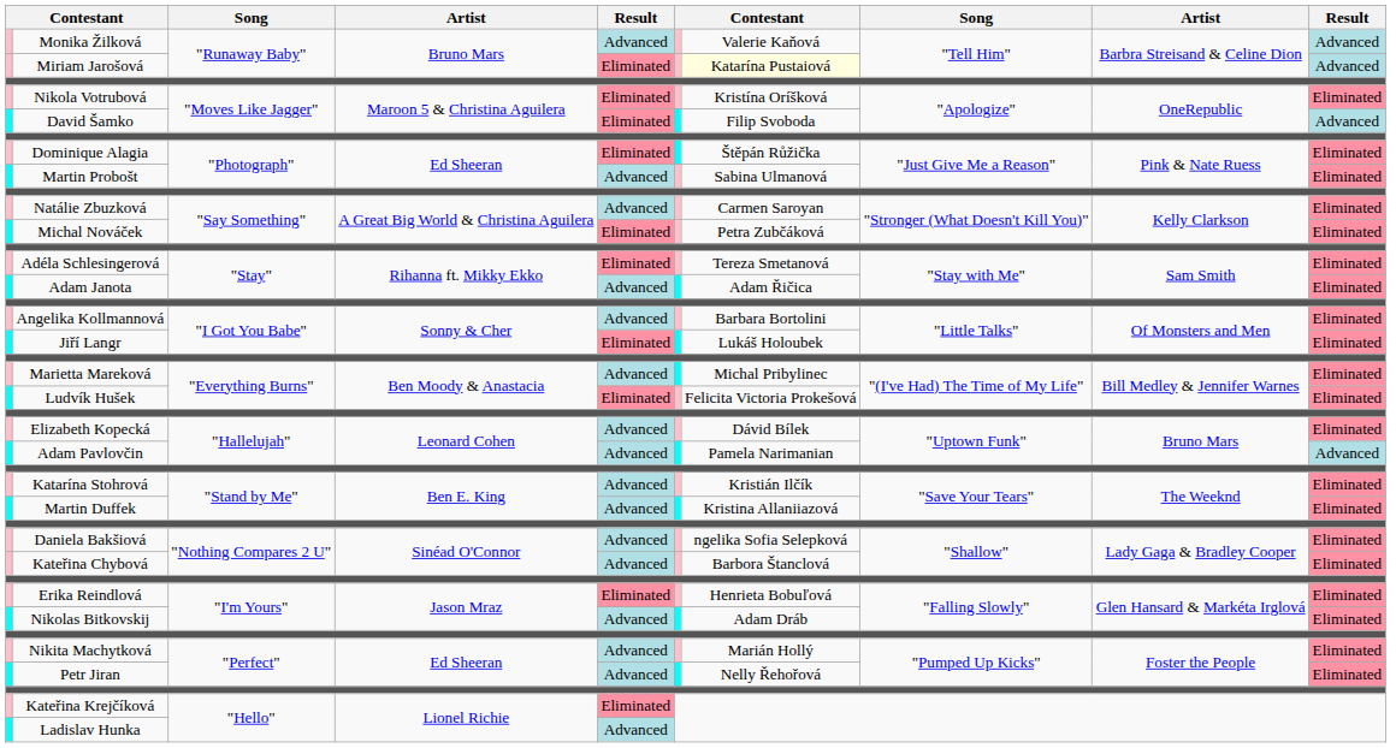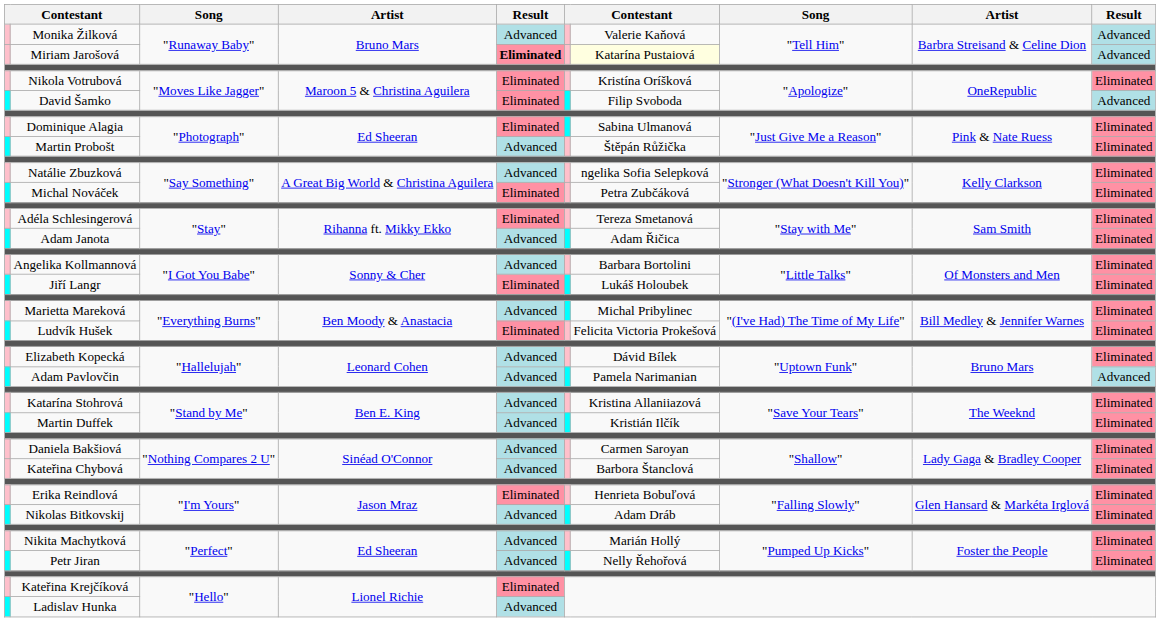 <table class="wikitable sortable" style="text-align:center; line-height:17px; width:80%; white-space:nowrap">
 <tr>
 <th style="width:10%" colspan="2">Contestant</th>
 <th style="width:10%">Song</th>
 <th style="width:10%">Artist</th>
 <th style="width:10%">Result</th>
 <th style="width:10%" colspan="2">Contestant</th>
 <th style="width:10%">Song</th>
 <th style="width:10%">Artist</th>
 <th style="width:10%">Result</th>
 </tr>
 <tr>
 <th style="background:pink;"></th>
 <td>Monika Žilková</td>
 <td rowspan="2">"<a href='#'>Runaway Baby</a>"</td>
 <td rowspan="2"><a href='#'>Bruno Mars</a></td>
 <td style="background:#B0E0E6;">Advanced</td>
 <th style="background:pink;"></th>
 <td>Valerie Kaňová</td>
 <td rowspan="2">"<a href='#'>Tell Him</a>"</td>
 <td rowspan="2"><a href='#'>Barbra Streisand</a> & <a href='#'>Celine Dion</a></td>
 <td style="background:#B0E0E6;">Advanced</td>
 </tr>
 <tr>
 <th style="background:pink;"></th>
 <td>Miriam Jarošová</td>
-<td style="background:#FF91A4;">Eliminated</td>
+<td style="background:#FF91A4;"><strong>Eliminated</strong></td>
 <th style="background:pink;"></th>
 <td style="background: lightyellow;">Katarína Pustaiová</td>
 <td style="background:#B0E0E6;">Advanced</td>
 </tr>
 <tr>
 <td colspan=10 style="background:#555555;"></td>
 </tr>
 <tr>
 <th style="background:pink;"></th>
 <td>Nikola Votrubová</td>
 <td rowspan="2">"<a href='#'>Moves Like Jagger</a>"</td>
 <td rowspan="2"><a href='#'>Maroon 5</a> & <a href='#'>Christina Aguilera</a></td>
 <td style="background:#FF91A4;">Eliminated</td>
 <th style="background:pink;"></th>
 <td>Kristína Oríšková</td>
 <td rowspan="2">"<a href='#'>Apologize</a>"</td>
 <td rowspan="2"><a href='#'>OneRepublic</a></td>
 <td style="background:#FF91A4;">Eliminated</td>
 </tr>
 <tr>
 <th style="background:cyan;"></th>
 <td>David Šamko</td>
 <td style="background:#FF91A4;">Eliminated</td>
 <th style="background:cyan;"></th>
 <td>Filip Svoboda</td>
 <td style="background:#B0E0E6;">Advanced</td>
 </tr>
 <tr>
 <td colspan=10 style="background:#555555;"></td>
 </tr>
 <tr>
 <th style="background:pink;"></th>
 <td>Dominique Alagia</td>
 <td rowspan="2">"<a href='#'>Photograph</a>"</td>
 <td rowspan="2"><a href='#'>Ed Sheeran</a></td>
 <td style="background:#FF91A4;">Eliminated</td>
 <th style="background:cyan;"></th>
-<td>Štěpán Růžička</td>
+<td>Sabina Ulmanová</td>
 <td rowspan="2">"<a href='#'>Just Give Me a Reason</a>"</td>
 <td rowspan="2"><a href='#'>Pink</a> & <a href='#'>Nate Ruess</a></td>
 <td style="background:#FF91A4;">Eliminated</td>
 </tr>
 <tr>
 <th style="background:cyan;"></th>
 <td>Martin Probošt</td>
 <td style="background:#B0E0E6;">Advanced</td>
 <th style="background:pink;"></th>
-<td>Sabina Ulmanová</td>
+<td>Štěpán Růžička</td>
 <td style="background:#FF91A4;">Eliminated</td>
 </tr>
 <tr>
 <td colspan=10 style="background:#555555;"></td>
 </tr>
 <tr>
 <th style="background:pink;"></th>
 <td>Natálie Zbuzková</td>
 <td rowspan="2">"<a href='#'>Say Something</a>"</td>
 <td rowspan="2"><a href='#'>A Great Big World</a> & <a href='#'>Christina Aguilera</a></td>
 <td style="background:#B0E0E6;">Advanced</td>
 <th style="background:pink;"></th>
-<td>Carmen Saroyan</td>
+<td>ngelika Sofia Selepková</td>
 <td rowspan="2">"<a href='#'>Stronger (What Doesn't Kill You)</a>"</td>
 <td rowspan="2"><a href='#'>Kelly Clarkson</a></td>
 <td style="background:#FF91A4;">Eliminated</td>
 </tr>
 <tr>
 <th style="background:cyan;"></th>
 <td>Michal Nováček</td>
 <td style="background:#FF91A4;">Eliminated</td>
 <th style="background:pink;"></th>
 <td>Petra Zubčáková</td>
 <td style="background:#FF91A4;">Eliminated</td>
 </tr>
 <tr>
 <td colspan=10 style="background:#555555;"></td>
 </tr>
 <tr>
 <th style="background:pink;"></th>
 <td>Adéla Schlesingerová</td>
 <td rowspan="2">"<a href='#'>Stay</a>"</td>
 <td rowspan="2"><a href='#'>Rihanna</a> ft. <a href='#'>Mikky Ekko</a></td>
 <td style="background:#FF91A4;">Eliminated</td>
 <th style="background:pink;"></th>
 <td>Tereza Smetanová</td>
 <td rowspan="2">"<a href='#'>Stay with Me</a>"</td>
 <td rowspan="2"><a href='#'>Sam Smith</a></td>
 <td style="background:#FF91A4;">Eliminated</td>
 </tr>
 <tr>
 <th style="background:cyan;"></th>
 <td>Adam Janota</td>
 <td style="background:#B0E0E6;">Advanced</td>
 <th style="background:cyan;"></th>
 <td>Adam Řičica</td>
 <td style="background:#FF91A4;">Eliminated</td>
 </tr>
 <tr>
 <td colspan=10 style="background:#555555;"></td>
 </tr>
 <tr>
 <th style="background:pink;"></th>
 <td>Angelika Kollmannová</td>
 <td rowspan="2">"<a href='#'>I Got You Babe</a>"</td>
 <td rowspan="2"><a href='#'>Sonny & Cher</a></td>
 <td style="background:#B0E0E6;">Advanced</td>
 <th style="background:pink;"></th>
 <td>Barbara Bortolini</td>
 <td rowspan="2">"<a href='#'>Little Talks</a>"</td>
 <td rowspan="2"><a href='#'>Of Monsters and Men</a></td>
 <td style="background:#FF91A4;">Eliminated</td>
 </tr>
 <tr>
 <th style="background:cyan;"></th>
 <td>Jiří Langr</td>
 <td style="background:#FF91A4;">Eliminated</td>
 <th style="background:cyan;"></th>
 <td>Lukáš Holoubek</td>
 <td style="background:#FF91A4;">Eliminated</td>
 </tr>
 <tr>
 <td colspan=10 style="background:#555555;"></td>
 </tr>
 <tr>
 <th style="background:pink;"></th>
 <td>Marietta Mareková</td>
 <td rowspan="2">"<a href='#'>Everything Burns</a>"</td>
 <td rowspan="2"><a href='#'>Ben Moody</a> & <a href='#'>Anastacia</a></td>
 <td style="background:#B0E0E6;">Advanced</td>
 <th style="background:cyan;"></th>
 <td>Michal Pribylinec</td>
 <td rowspan="2">"<a href='#'>(I've Had) The Time of My Life</a>"</td>
 <td rowspan="2"><a href='#'>Bill Medley</a> & <a href='#'>Jennifer Warnes</a></td>
 <td style="background:#FF91A4;">Eliminated</td>
 </tr>
 <tr>
 <th style="background:cyan;"></th>
 <td>Ludvík Hušek</td>
 <td style="background:#FF91A4;">Eliminated</td>
 <th style="background:pink;"></th>
 <td>Felicita Victoria Prokešová</td>
 <td style="background:#FF91A4;">Eliminated</td>
 </tr>
 <tr>
 <td colspan=10 style="background:#555555;"></td>
 </tr>
 <tr>
 <th style="background:pink;"></th>
 <td>Elizabeth Kopecká</td>
 <td rowspan="2">"<a href='#'>Hallelujah</a>"</td>
 <td rowspan="2"><a href='#'>Leonard Cohen</a></td>
 <td style="background:#B0E0E6;">Advanced</td>
 <th style="background:pink;"></th>
 <td>Dávid Bílek</td>
 <td rowspan="2">"<a href='#'>Uptown Funk</a>"</td>
 <td rowspan="2"><a href='#'>Bruno Mars</a></td>
 <td style="background:#FF91A4;">Eliminated</td>
 </tr>
 <tr>
 <th style="background:cyan;"></th>
 <td>Adam Pavlovčin</td>
 <td style="background:#B0E0E6;">Advanced</td>
 <th style="background:cyan;"></th>
 <td>Pamela Narimanian</td>
 <td style="background:#B0E0E6;">Advanced</td>
 </tr>
 <tr>
 <td colspan=10 style="background:#555555;"></td>
 </tr>
 <tr>
 <th style="background:pink;"></th>
 <td>Katarína Stohrová</td>
 <td rowspan="2">"<a href='#'>Stand by Me</a>"</td>
 <td rowspan="2"><a href='#'>Ben E. King</a></td>
 <td style="background:#B0E0E6;">Advanced</td>
 <th style="background:pink;"></th>
-<td>Kristián Ilčík</td>
+<td>Kristina Allaniiazová</td>
 <td rowspan="2">"<a href='#'>Save Your Tears</a>"</td>
 <td rowspan="2"><a href='#'>The Weeknd</a></td>
 <td style="background:#FF91A4;">Eliminated</td>
 </tr>
 <tr>
 <th style="background:cyan;"></th>
 <td>Martin Duffek</td>
 <td style="background:#B0E0E6;">Advanced</td>
 <th style="background:cyan;"></th>
-<td>Kristina Allaniiazová</td>
+<td>Kristián Ilčík</td>
 <td style="background:#FF91A4;">Eliminated</td>
 </tr>
 <tr>
 <td colspan=10 style="background:#555555;"></td>
 </tr>
 <tr>
 <th style="background:pink;"></th>
 <td>Daniela Bakšiová</td>
 <td rowspan="2">"<a href='#'>Nothing Compares 2 U</a>"</td>
 <td rowspan="2"><a href='#'>Sinéad O'Connor</a></td>
 <td style="background:#B0E0E6;">Advanced</td>
 <th style="background:pink;"></th>
-<td>ngelika Sofia Selepková</td>
+<td>Carmen Saroyan</td>
 <td rowspan="2">"<a href='#'>Shallow</a>"</td>
 <td rowspan="2"><a href='#'>Lady Gaga</a> & <a href='#'>Bradley Cooper</a></td>
 <td style="background:#FF91A4;">Eliminated</td>
 </tr>
 <tr>
 <th style="background:pink;"></th>
 <td>Kateřina Chybová</td>
 <td style="background:#B0E0E6;">Advanced</td>
 <th style="background:pink;"></th>
 <td>Barbora Štanclová</td>
 <td style="background:#FF91A4;">Eliminated</td>
 </tr>
 <tr>
 <td colspan=10 style="background:#555555;"></td>
 </tr>
 <tr>
 <th style="background:pink;"></th>
 <td>Erika Reindlová</td>
 <td rowspan="2">"<a href='#'>I'm Yours</a>"</td>
 <td rowspan="2"><a href='#'>Jason Mraz</a></td>
 <td style="background:#FF91A4;">Eliminated</td>
 <th style="background:pink;"></th>
 <td>Henrieta Bobuľová</td>
 <td rowspan="2">"<a href='#'>Falling Slowly</a>"</td>
 <td rowspan="2"><a href='#'>Glen Hansard</a> & <a href='#'>Markéta Irglová</a></td>
 <td style="background:#FF91A4;">Eliminated</td>
 </tr>
 <tr>
 <th style="background:cyan;"></th>
 <td>Nikolas Bitkovskij</td>
 <td style="background:#B0E0E6;">Advanced</td>
 <th style="background:cyan;"></th>
 <td>Adam Dráb</td>
 <td style="background:#FF91A4;">Eliminated</td>
 </tr>
 <tr>
 <td colspan=10 style="background:#555555;"></td>
 </tr>
 <tr>
 <th style="background:pink;"></th>
 <td>Nikita Machytková</td>
 <td rowspan="2">"<a href='#'>Perfect</a>"</td>
 <td rowspan="2"><a href='#'>Ed Sheeran</a></td>
 <td style="background:#B0E0E6;">Advanced</td>
 <th style="background:pink;"></th>
 <td>Marián Hollý</td>
 <td rowspan="2">"<a href='#'>Pumped Up Kicks</a>"</td>
 <td rowspan="2"><a href='#'>Foster the People</a></td>
 <td style="background:#FF91A4;">Eliminated</td>
 </tr>
 <tr>
 <th style="background:cyan;"></th>
 <td>Petr Jiran</td>
 <td style="background:#B0E0E6;">Advanced</td>
 <th style="background:cyan;"></th>
 <td>Nelly Řehořová</td>
 <td style="background:#FF91A4;">Eliminated</td>
 </tr>
 <tr>
 <td colspan=10 style="background:#555555;"></td>
 </tr>
 <tr>
 <th style="background:pink;"></th>
 <td>Kateřina Krejčíková</td>
 <td rowspan="2">"<a href='#'>Hello</a>"</td>
 <td rowspan="2"><a href='#'>Lionel Richie</a></td>
 <td style="background:#FF91A4;">Eliminated</td>
 </tr>
 <tr>
 <th style="background:cyan;"></th>
 <td>Ladislav Hunka</td>
 <td style="background:#B0E0E6;">Advanced</td>
 </tr>
 </table>
